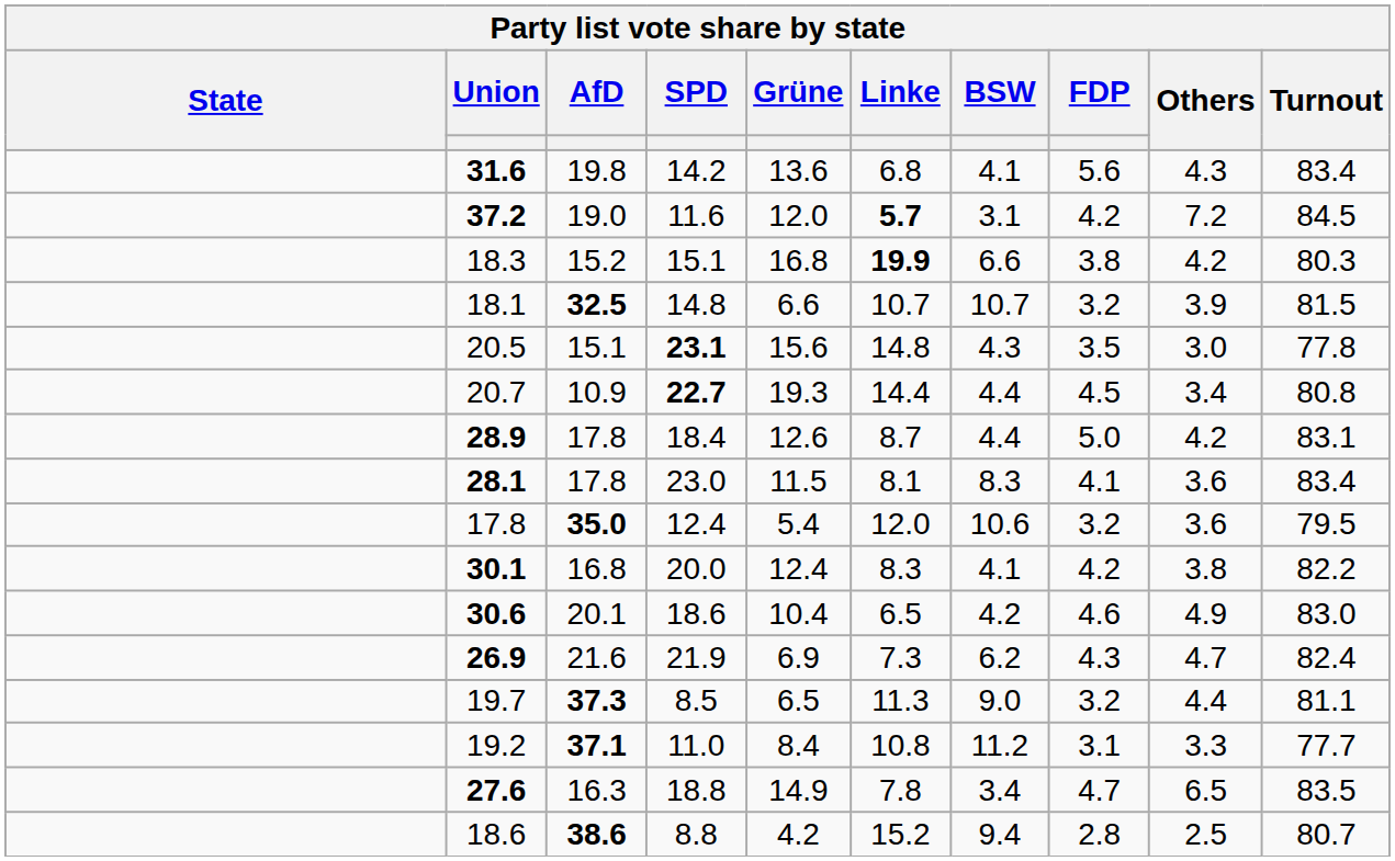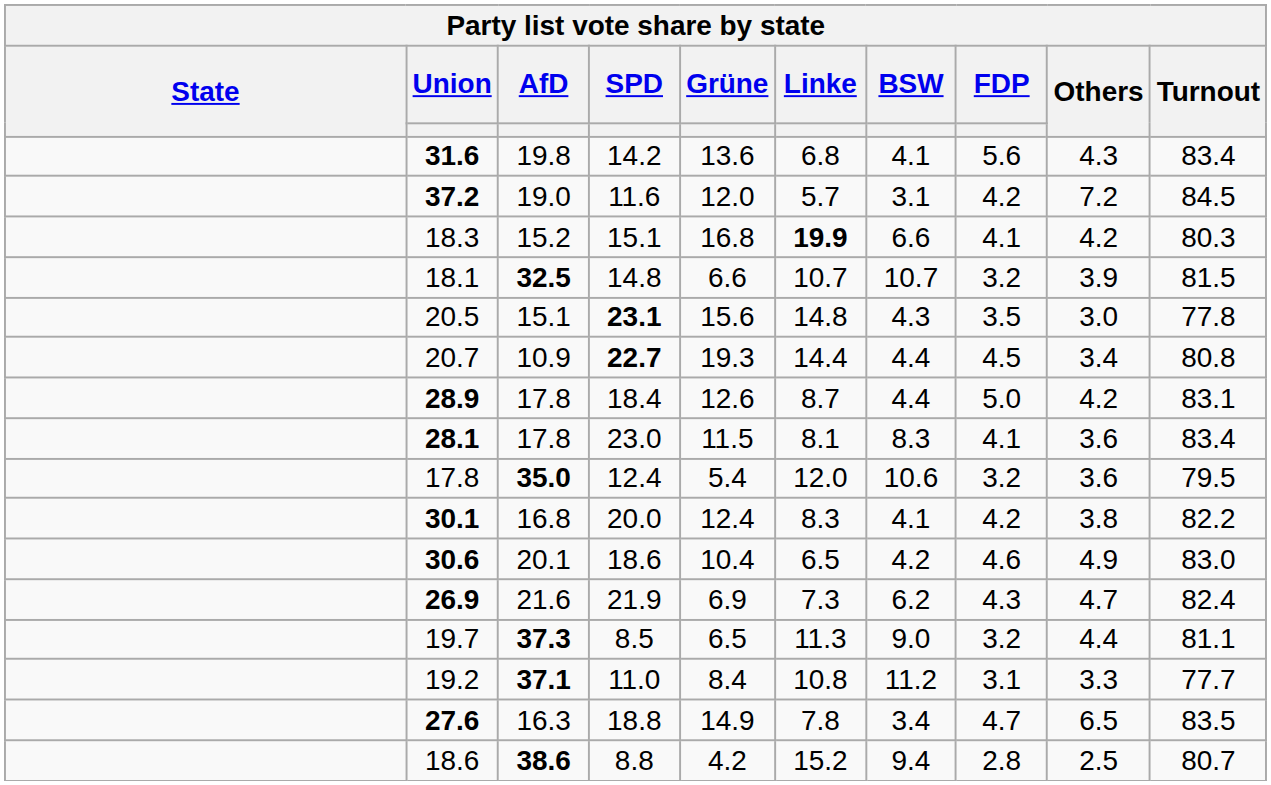 <table class="wikitable sortable" style="text-align:center;font-size:90%;line-height:14px">
 <tr>
 <th colspan=10>Party list vote share by state</th>
 </tr>
 <tr style="height:40px;">
 <th class="wikitable sortable" style="width:200px;" rowspan="2"><a href='#'>State</a></th>
 <th class="wikitable sortable" style="width:40px;"><a href='#'>Union</a></th>
 <th class="wikitable sortable" style="width:40px;"><a href='#'>AfD</a></th>
 <th class="wikitable sortable" style="width:40px;"><a href='#'>SPD</a></th>
 <th class="wikitable sortable" style="width:40px;"><a href='#'>Grüne</a></th>
 <th class="wikitable sortable" style="width:40px;"><a href='#'>Linke</a></th>
 <th class="wikitable sortable" style="width:40px;"><a href='#'>BSW</a></th>
 <th class="wikitable sortable" style="width:40px;"><a href='#'>FDP</a></th>
 <th class="wikitable sortable" style="width:40px;" rowspan="2">Others</th>
 <th class="wikitable sortable" style="width:40px;" rowspan="2">Turnout</th>
 </tr>
 <tr>
 <th class="wikitable sortable" style="background:"></th>
 <th class="wikitable sortable" style="background:"></th>
 <th class="wikitable sortable" style="background:"></th>
 <th class="wikitable sortable" style="background:"></th>
 <th class="wikitable sortable" style="background:"></th>
 <th class="wikitable sortable" style="background:"></th>
 <th class="wikitable sortable" style="background:"></th>
 </tr>
 <tr>
 <td align="left"></td>
 <td><strong>31.6</strong></td>
 <td>19.8</td>
 <td>14.2</td>
 <td>13.6</td>
 <td>6.8</td>
 <td>4.1</td>
 <td>5.6</td>
 <td>4.3</td>
 <td>83.4</td>
 </tr>
 <tr>
 <td align="left"></td>
 <td><strong>37.2</strong></td>
 <td>19.0</td>
 <td>11.6</td>
 <td>12.0</td>
-<td><strong>5.7</strong></td>
+<td>5.7</td>
 <td>3.1</td>
 <td>4.2</td>
 <td>7.2</td>
 <td>84.5</td>
 </tr>
 <tr>
 <td align="left"></td>
 <td>18.3</td>
 <td>15.2</td>
 <td>15.1</td>
 <td>16.8</td>
 <td><strong>19.9</strong></td>
 <td>6.6</td>
-<td>3.8</td>
+<td>4.1</td>
 <td>4.2</td>
 <td>80.3</td>
 </tr>
 <tr>
 <td align="left"></td>
 <td>18.1</td>
 <td><strong>32.5</strong></td>
 <td>14.8</td>
 <td>6.6</td>
 <td>10.7</td>
 <td>10.7</td>
 <td>3.2</td>
 <td>3.9</td>
 <td>81.5</td>
 </tr>
 <tr>
 <td align="left"></td>
 <td>20.5</td>
 <td>15.1</td>
 <td><strong>23.1</strong></td>
 <td>15.6</td>
 <td>14.8</td>
 <td>4.3</td>
 <td>3.5</td>
 <td>3.0</td>
 <td>77.8</td>
 </tr>
 <tr>
 <td align="left"></td>
 <td>20.7</td>
 <td>10.9</td>
 <td><strong>22.7</strong></td>
 <td>19.3</td>
 <td>14.4</td>
 <td>4.4</td>
 <td>4.5</td>
 <td>3.4</td>
 <td>80.8</td>
 </tr>
 <tr>
 <td align="left"></td>
 <td><strong>28.9</strong></td>
 <td>17.8</td>
 <td>18.4</td>
 <td>12.6</td>
 <td>8.7</td>
 <td>4.4</td>
 <td>5.0</td>
 <td>4.2</td>
 <td>83.1</td>
 </tr>
 <tr>
 <td align="left"></td>
 <td><strong>28.1</strong></td>
 <td>17.8</td>
 <td>23.0</td>
 <td>11.5</td>
 <td>8.1</td>
 <td>8.3</td>
 <td>4.1</td>
 <td>3.6</td>
 <td>83.4</td>
 </tr>
 <tr>
 <td align="left"></td>
 <td>17.8</td>
 <td><strong>35.0</strong></td>
 <td>12.4</td>
 <td>5.4</td>
 <td>12.0</td>
 <td>10.6</td>
 <td>3.2</td>
 <td>3.6</td>
 <td>79.5</td>
 </tr>
 <tr>
 <td align="left"></td>
 <td><strong>30.1</strong></td>
 <td>16.8</td>
 <td>20.0</td>
 <td>12.4</td>
 <td>8.3</td>
 <td>4.1</td>
 <td>4.2</td>
 <td>3.8</td>
 <td>82.2</td>
 </tr>
 <tr>
 <td align="left"></td>
 <td><strong>30.6</strong></td>
 <td>20.1</td>
 <td>18.6</td>
 <td>10.4</td>
 <td>6.5</td>
 <td>4.2</td>
 <td>4.6</td>
 <td>4.9</td>
 <td>83.0</td>
 </tr>
 <tr>
 <td align="left"></td>
 <td><strong>26.9</strong></td>
 <td>21.6</td>
 <td>21.9</td>
 <td>6.9</td>
 <td>7.3</td>
 <td>6.2</td>
 <td>4.3</td>
 <td>4.7</td>
 <td>82.4</td>
 </tr>
 <tr>
 <td align="left"></td>
 <td>19.7</td>
 <td><strong>37.3</strong></td>
 <td>8.5</td>
 <td>6.5</td>
 <td>11.3</td>
 <td>9.0</td>
 <td>3.2</td>
 <td>4.4</td>
 <td>81.1</td>
 </tr>
 <tr>
 <td align="left"></td>
 <td>19.2</td>
 <td><strong>37.1</strong></td>
 <td>11.0</td>
 <td>8.4</td>
 <td>10.8</td>
 <td>11.2</td>
 <td>3.1</td>
 <td>3.3</td>
 <td>77.7</td>
 </tr>
 <tr>
 <td align="left"></td>
 <td><strong>27.6</strong></td>
 <td>16.3</td>
 <td>18.8</td>
 <td>14.9</td>
 <td>7.8</td>
 <td>3.4</td>
 <td>4.7</td>
 <td>6.5</td>
 <td>83.5</td>
 </tr>
 <tr>
 <td align="left"></td>
 <td>18.6</td>
 <td><strong>38.6</strong></td>
 <td>8.8</td>
 <td>4.2</td>
 <td>15.2</td>
 <td>9.4</td>
 <td>2.8</td>
 <td>2.5</td>
 <td>80.7</td>
 </tr>
 </table>
